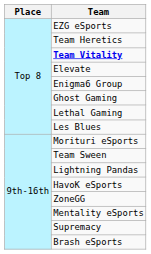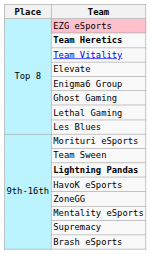 <table class="wikitable" style="text-align:left">
 <tr>
 <th>Place</th>
 <th>Team</th>
 </tr>
 <tr>
 <td style="text-align:center; background:#BBF3FF;" rowspan="8">Top 8</td>
-<td>EZG eSports</td>
+<td style="background: pink;">EZG eSports</td>
 </tr>
 <tr>
-<td>Team Heretics</td>
+<td><strong>Team Heretics</strong></td>
 </tr>
 <tr>
-<td><strong><a href='#'>Team Vitality</a></strong></td>
+<td><a href='#'>Team Vitality</a></td>
 </tr>
 <tr>
 <td>Elevate</td>
 </tr>
 <tr>
 <td>Enigma6 Group</td>
 </tr>
 <tr>
 <td>Ghost Gaming</td>
 </tr>
 <tr>
 <td>Lethal Gaming</td>
 </tr>
 <tr>
 <td>Les Blues</td>
 </tr>
 <tr>
 <td style="text-align:center; background:#BBF3FF;" rowspan="8">9th-16th</td>
 <td>Morituri eSports</td>
 </tr>
 <tr>
 <td>Team Sween</td>
 </tr>
 <tr>
-<td>Lightning Pandas</td>
+<td><strong>Lightning Pandas</strong></td>
 </tr>
 <tr>
 <td>HavoK eSports</td>
 </tr>
 <tr>
 <td>ZoneGG</td>
 </tr>
 <tr>
 <td>Mentality eSports</td>
 </tr>
 <tr>
 <td>Supremacy</td>
 </tr>
 <tr>
 <td>Brash eSports</td>
 </tr>
 </table>
